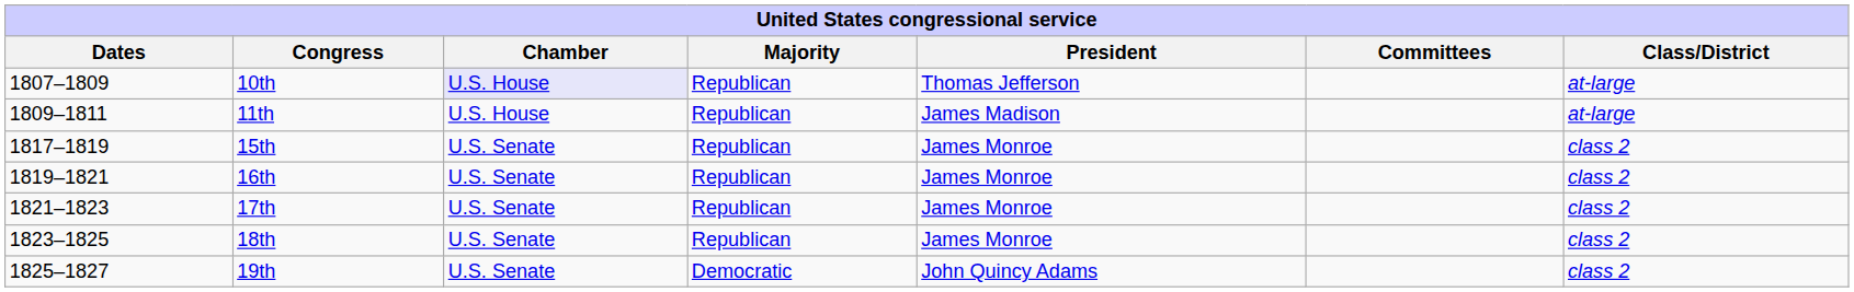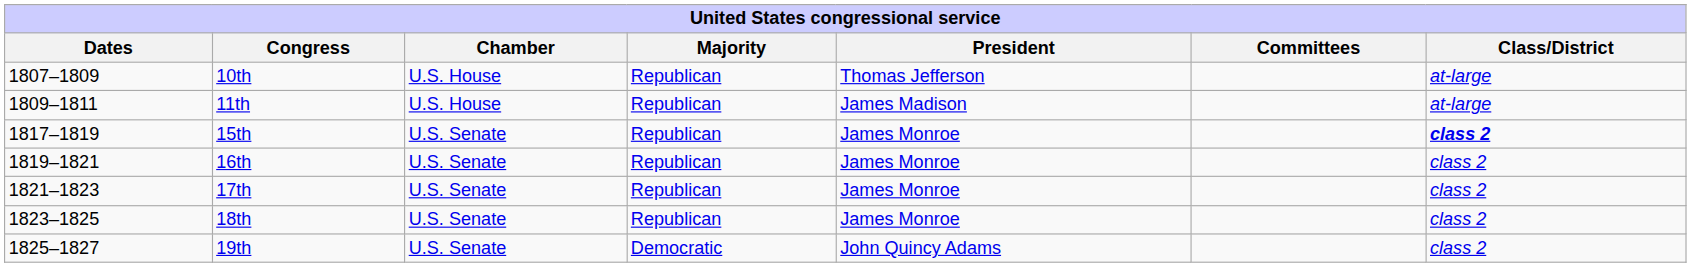 <table class=wikitable style="width: 94%" style="text-align: center;" align="center">
 <tr bgcolor=#cccccc>
 <th colspan=7 style="background: #ccccff;">United States congressional service</th>
 </tr>
 <tr>
 <th><strong>Dates</strong></th>
 <th><strong>Congress</strong></th>
 <th><strong>Chamber</strong></th>
 <th><strong>Majority</strong></th>
 <th><strong>President</strong></th>
 <th><strong>Committees</strong></th>
 <th><strong>Class/District</strong></th>
 </tr>
 <tr>
 <td>1807–1809</td>
 <td><a href='#'>10th</a></td>
-<td style="background: lavender;"><a href='#'>U.S. House</a></td>
+<td><a href='#'>U.S. House</a></td>
 <td><a href='#'>Republican</a></td>
 <td><a href='#'>Thomas Jefferson</a></td>
 <td></td>
 <td><a href='#'><em>at-large</em></a></td>
 </tr>
 <tr>
 <td>1809–1811</td>
 <td><a href='#'>11th</a></td>
 <td><a href='#'>U.S. House</a></td>
 <td><a href='#'>Republican</a></td>
 <td><a href='#'>James Madison</a></td>
 <td></td>
 <td><a href='#'><em>at-large</em></a></td>
 </tr>
 <tr>
 <td>1817–1819</td>
 <td><a href='#'>15th</a></td>
 <td><a href='#'>U.S. Senate</a></td>
 <td><a href='#'>Republican</a></td>
 <td><a href='#'>James Monroe</a></td>
 <td></td>
-<td><a href='#'><em>class 2</em></a></td>
+<td><strong><a href='#'><em>class 2</em></a></strong></td>
 </tr>
 <tr>
 <td>1819–1821</td>
 <td><a href='#'>16th</a></td>
 <td><a href='#'>U.S. Senate</a></td>
 <td><a href='#'>Republican</a></td>
 <td><a href='#'>James Monroe</a></td>
 <td></td>
 <td><a href='#'><em>class 2</em></a></td>
 </tr>
 <tr>
 <td>1821–1823</td>
 <td><a href='#'>17th</a></td>
 <td><a href='#'>U.S. Senate</a></td>
 <td><a href='#'>Republican</a></td>
 <td><a href='#'>James Monroe</a></td>
 <td></td>
 <td><a href='#'><em>class 2</em></a></td>
 </tr>
 <tr>
 <td>1823–1825</td>
 <td><a href='#'>18th</a></td>
 <td><a href='#'>U.S. Senate</a></td>
 <td><a href='#'>Republican</a></td>
 <td><a href='#'>James Monroe</a></td>
 <td></td>
 <td><a href='#'><em>class 2</em></a></td>
 </tr>
 <tr>
 <td>1825–1827</td>
 <td><a href='#'>19th</a></td>
 <td><a href='#'>U.S. Senate</a></td>
 <td><a href='#'>Democratic</a></td>
 <td><a href='#'>John Quincy Adams</a></td>
 <td></td>
 <td><a href='#'><em>class 2</em></a></td>
 </tr>
 </table>
